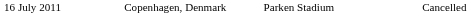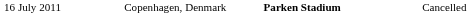 <table cellpadding="2" style="border: 0px solid darkgray; font-size:90%">
 <tr>
 <th width="150"></th>
 <th width="175"></th>
 <th width="200"></th>
 <th width="450"></th>
 </tr>
 <tr border="0">
 <td>16 July 2011</td>
 <td>Copenhagen, Denmark</td>
-<td>Parken Stadium</td>
+<td><strong>Parken Stadium</strong></td>
 <td>Cancelled</td>
 </tr>
 </table>
